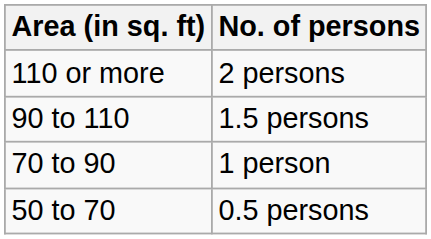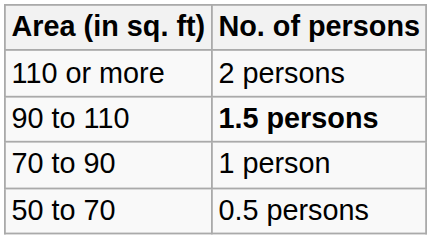 <table class="wikitable">
 <tr>
 <th>Area (in sq. ft)</th>
 <th>No. of persons</th>
 </tr>
 <tr>
 <td>110 or more</td>
 <td>2 persons</td>
 </tr>
 <tr>
 <td>90 to 110</td>
-<td>1.5 persons</td>
+<td><strong>1.5 persons</strong></td>
 </tr>
 <tr>
 <td>70 to 90</td>
 <td>1 person</td>
 </tr>
 <tr>
 <td>50 to 70</td>
 <td>0.5 persons</td>
 </tr>
 </table>
